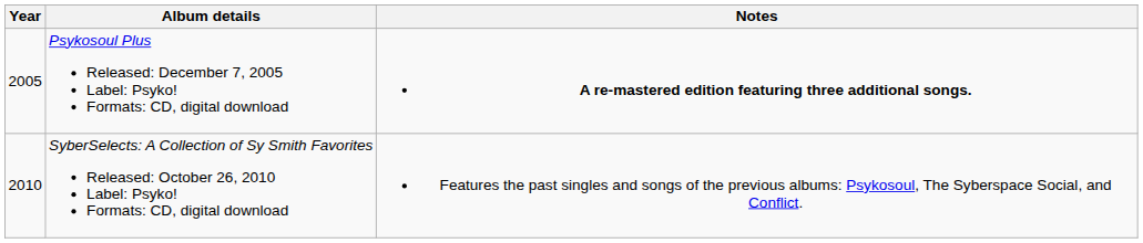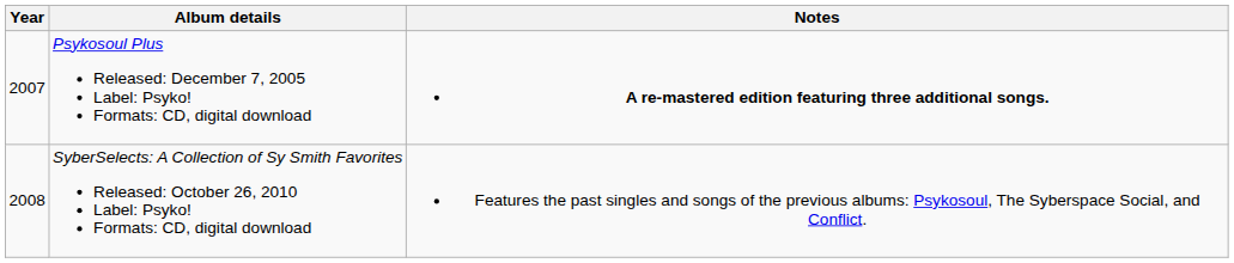 <table class="wikitable" style=text-align:center;>
 <tr>
 <th rowspan="1" style="width:30px;">Year</th>
 <th rowspan="1" style=>Album details</th>
 <th scope="col" rowspan="1" style="width:50em;">Notes</th>
 </tr>
 <tr>
-<td>2005</td>
+<td>2007</td>
 <td align=left><em><a href='#'>Psykosoul Plus</a></em><br><ul><li>Released: December 7, 2005</li><li>Label: Psyko!</li><li>Formats: CD, digital download</li></ul></td>
 <td><strong><br><ul><li>A re-mastered edition featuring three additional songs.</li></ul></strong></td>
 </tr>
 <tr>
-<td>2010</td>
+<td>2008</td>
 <td align=left><em>SyberSelects: A Collection of Sy Smith Favorites</em><br><ul><li>Released: October 26, 2010</li><li>Label: Psyko!</li><li>Formats: CD, digital download</li></ul></td>
 <td><br><ul><li>Features the past singles and songs of the previous albums: <a href='#'>Psykosoul</a>, The Syberspace Social, and <a href='#'>Conflict</a>.</li></ul></td>
 </tr>
 </table>
